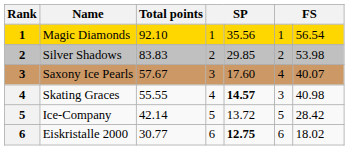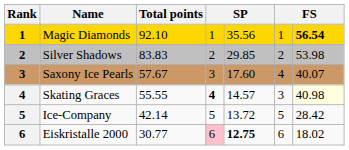 <table class="wikitable">
 <tr>
 <th>Rank</th>
 <th>Name</th>
 <th>Total points</th>
 <th colspan="2" width="80px">SP</th>
 <th colspan="2" width="80px">FS</th>
 </tr>
 <tr bgcolor="gold">
 <td align="center"><strong>1</strong></td>
 <td>Magic Diamonds</td>
 <td>92.10</td>
 <td>1</td>
 <td>35.56</td>
 <td>1</td>
-<td>56.54</td>
+<td><strong>56.54</strong></td>
 </tr>
 <tr bgcolor="silver">
 <td align="center"><strong>2</strong></td>
 <td>Silver Shadows</td>
 <td>83.83</td>
 <td>2</td>
 <td>29.85</td>
 <td>2</td>
 <td>53.98</td>
 </tr>
 <tr bgcolor="cc9966">
 <td align="center"><strong>3</strong></td>
 <td>Saxony Ice Pearls</td>
 <td>57.67</td>
 <td>3</td>
 <td>17.60</td>
 <td>4</td>
 <td>40.07</td>
 </tr>
 <tr>
 <th>4</th>
 <td>Skating Graces</td>
 <td>55.55</td>
-<td>4</td>
-<td><strong>14.57</strong></td>
+<td><strong>4</strong></td>
+<td>14.57</td>
 <td>3</td>
-<td>40.98</td>
+<td style="background: lightyellow;">40.98</td>
 </tr>
 <tr>
 <th>5</th>
 <td>Ice-Company</td>
 <td>42.14</td>
 <td>5</td>
 <td>13.72</td>
 <td>5</td>
 <td>28.42</td>
 </tr>
 <tr>
 <th>6</th>
 <td>Eiskristalle 2000</td>
 <td>30.77</td>
-<td>6</td>
+<td style="background: pink;">6</td>
 <td><strong>12.75</strong></td>
 <td>6</td>
 <td>18.02</td>
 </tr>
 </table>
